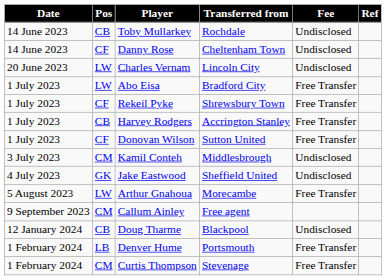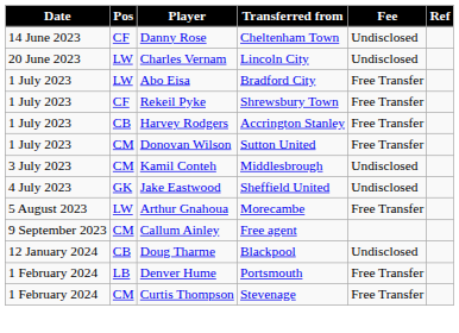 <table class="wikitable plainrowheaders sortable">
 <tr>
 <th style="background:#000000; color:#FFFFFF; ">Date</th>
 <th style="background:#000000; color:#FFFFff; ">Pos</th>
 <th style="background:#000000; color:#FFFFff; ">Player</th>
 <th style="background:#000000; color:#FFFFff; ">Transferred from</th>
 <th style="background:#000000; color:#FFFFff; ">Fee</th>
 <th style="background:#000000; color:#FFFFff; ">Ref</th>
-</tr>
-<tr>
-<td>14 June 2023</td>
-<td><a href='#'>CB</a></td>
-<td> <a href='#'>Toby Mullarkey</a></td>
-<td> <a href='#'>Rochdale</a></td>
-<td>Undisclosed</td>
-<td></td>
 </tr>
 <tr>
 <td>14 June 2023</td>
 <td><a href='#'>CF</a></td>
 <td> <a href='#'>Danny Rose</a></td>
 <td> <a href='#'>Cheltenham Town</a></td>
 <td>Undisclosed</td>
 <td></td>
 </tr>
 <tr>
 <td>20 June 2023</td>
 <td><a href='#'>LW</a></td>
 <td> <a href='#'>Charles Vernam</a></td>
 <td> <a href='#'>Lincoln City</a></td>
 <td>Undisclosed</td>
 <td></td>
 </tr>
 <tr>
 <td>1 July 2023</td>
 <td><a href='#'>LW</a></td>
 <td> <a href='#'>Abo Eisa</a></td>
 <td> <a href='#'>Bradford City</a></td>
 <td>Free Transfer</td>
 <td></td>
 </tr>
 <tr>
 <td>1 July 2023</td>
 <td><a href='#'>CF</a></td>
 <td> <a href='#'>Rekeil Pyke</a></td>
 <td> <a href='#'>Shrewsbury Town</a></td>
 <td>Free Transfer</td>
 <td></td>
 </tr>
 <tr>
 <td>1 July 2023</td>
 <td><a href='#'>CB</a></td>
 <td> <a href='#'>Harvey Rodgers</a></td>
 <td> <a href='#'>Accrington Stanley</a></td>
 <td>Free Transfer</td>
 <td></td>
 </tr>
 <tr>
 <td>1 July 2023</td>
-<td><a href='#'>CF</a></td>
+<td><a href='#'>CM</a></td>
 <td> <a href='#'>Donovan Wilson</a></td>
 <td> <a href='#'>Sutton United</a></td>
 <td>Free Transfer</td>
 <td></td>
 </tr>
 <tr>
 <td>3 July 2023</td>
 <td><a href='#'>CM</a></td>
 <td> <a href='#'>Kamil Conteh</a></td>
 <td> <a href='#'>Middlesbrough</a></td>
 <td>Undisclosed</td>
 <td></td>
 </tr>
 <tr>
 <td>4 July 2023</td>
 <td><a href='#'>GK</a></td>
 <td> <a href='#'>Jake Eastwood</a></td>
 <td> <a href='#'>Sheffield United</a></td>
 <td>Undisclosed</td>
 <td></td>
 </tr>
 <tr>
 <td>5 August 2023</td>
 <td><a href='#'>LW</a></td>
 <td> <a href='#'>Arthur Gnahoua</a></td>
 <td> <a href='#'>Morecambe</a></td>
 <td>Free Transfer</td>
 <td></td>
 </tr>
 <tr>
 <td>9 September 2023</td>
 <td><a href='#'>CM</a></td>
 <td> <a href='#'>Callum Ainley</a></td>
 <td> <a href='#'>Free agent</a></td>
 <td></td>
 <td></td>
 </tr>
 <tr>
 <td>12 January 2024</td>
 <td><a href='#'>CB</a></td>
 <td> <a href='#'>Doug Tharme</a></td>
 <td> <a href='#'>Blackpool</a></td>
 <td>Undisclosed</td>
 <td></td>
 </tr>
 <tr>
 <td>1 February 2024</td>
 <td><a href='#'>LB</a></td>
 <td> <a href='#'>Denver Hume</a></td>
 <td> <a href='#'>Portsmouth</a></td>
 <td>Free Transfer</td>
 <td></td>
 </tr>
 <tr>
 <td>1 February 2024</td>
 <td><a href='#'>CM</a></td>
 <td> <a href='#'>Curtis Thompson</a></td>
 <td> <a href='#'>Stevenage</a></td>
 <td>Free Transfer</td>
 <td></td>
 </tr>
 </table>
